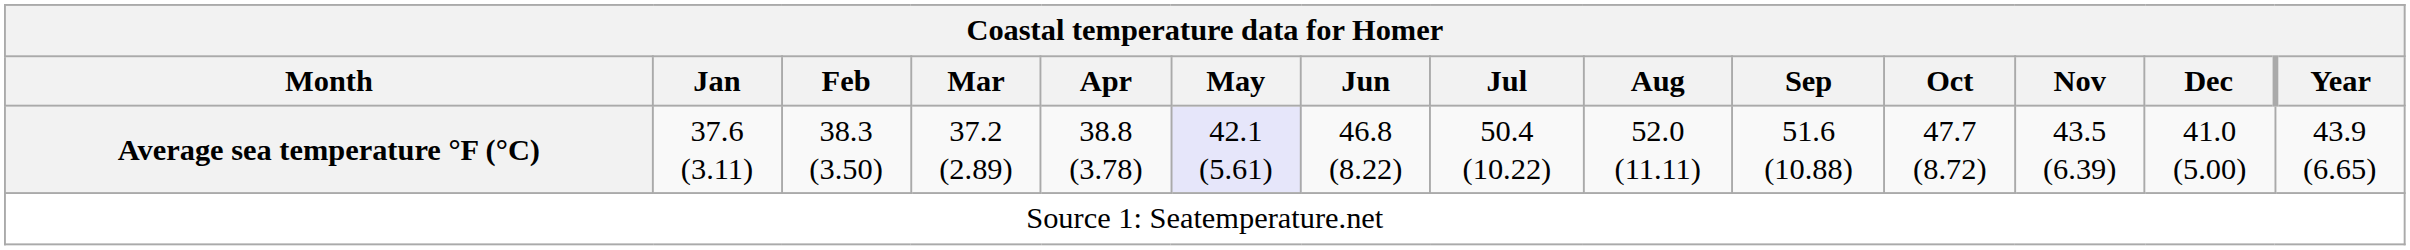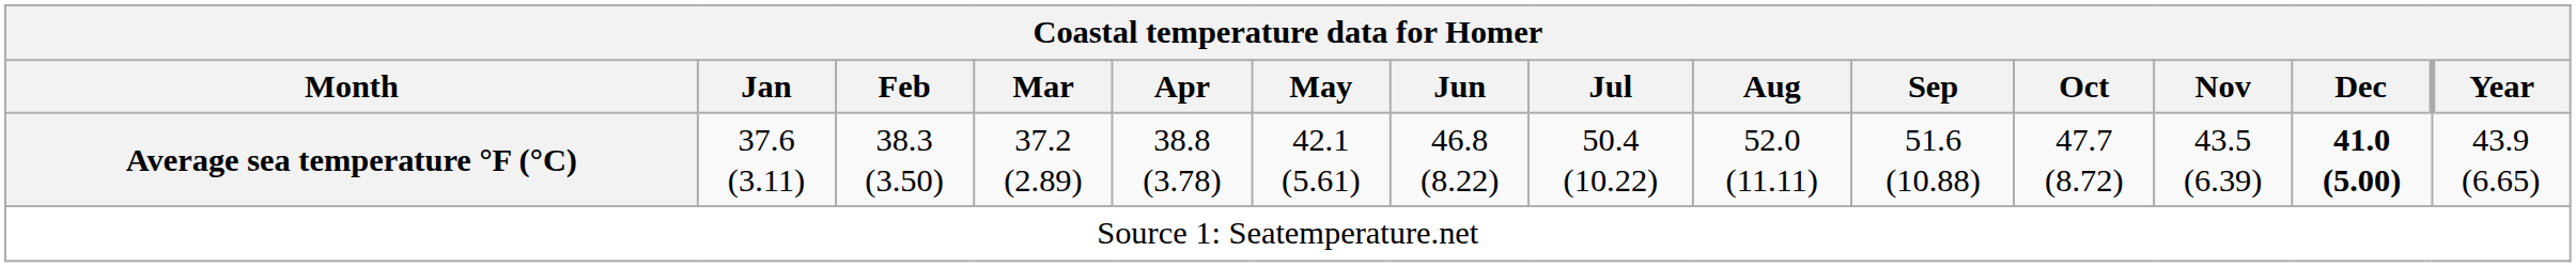 <table style="width:100%;text-align:center;line-height:1.2em;margin-left:auto;margin-right:auto" class="wikitable">
 <tr>
 <th Colspan=14>Coastal temperature data for Homer</th>
 </tr>
 <tr>
 <th>Month</th>
 <th>Jan</th>
 <th>Feb</th>
 <th>Mar</th>
 <th>Apr</th>
 <th>May</th>
 <th>Jun</th>
 <th>Jul</th>
 <th>Aug</th>
 <th>Sep</th>
 <th>Oct</th>
 <th>Nov</th>
 <th>Dec</th>
 <th style="border-left-width:medium">Year</th>
 </tr>
 <tr>
 <th>Average sea temperature °F (°C)</th>
 <td>37.6<br>(3.11)</td>
 <td>38.3<br>(3.50)</td>
 <td>37.2<br>(2.89)</td>
 <td>38.8<br>(3.78)</td>
-<td style="background: lavender;">42.1<br>(5.61)</td>
+<td>42.1<br>(5.61)</td>
 <td>46.8<br>(8.22)</td>
 <td>50.4<br>(10.22)</td>
 <td>52.0<br>(11.11)</td>
 <td>51.6<br>(10.88)</td>
 <td>47.7<br>(8.72)</td>
 <td>43.5<br>(6.39)</td>
-<td>41.0<br>(5.00)</td>
+<td><strong>41.0<br>(5.00)</strong></td>
 <td>43.9<br>(6.65)</td>
 </tr>
 <tr>
 <th Colspan=14 style="background:#ffffff;font-weight:normal;font-size:100%;">Source 1: Seatemperature.net</th>
 </tr>
 </table>
